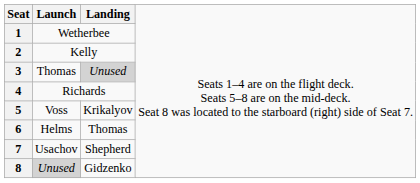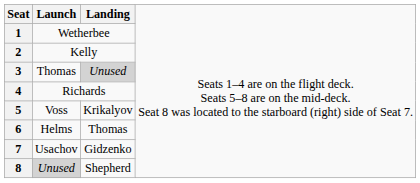 <table class="wikitable" style="text-align:center">
 <tr>
 <th>Seat</th>
 <th>Launch</th>
 <th>Landing</th>
 <td rowspan=9><br>Seats 1–4 are on the flight deck.<br>Seats 5–8 are on the mid-deck.<br>Seat 8 was located to the starboard (right) side of Seat 7.</td>
 </tr>
 <tr>
 <th>1</th>
 <td colspan=2>Wetherbee</td>
 </tr>
 <tr>
 <th>2</th>
 <td colspan=2>Kelly</td>
 </tr>
 <tr>
 <th>3</th>
 <td>Thomas</td>
 <td style="background-color:lightgray"><em>Unused</em></td>
 </tr>
 <tr>
 <th>4</th>
 <td colspan=2>Richards</td>
 </tr>
 <tr>
 <th>5</th>
 <td>Voss</td>
 <td>Krikalyov</td>
 </tr>
 <tr>
 <th>6</th>
 <td>Helms</td>
 <td>Thomas</td>
 </tr>
 <tr>
 <th>7</th>
 <td>Usachov</td>
-<td>Shepherd</td>
+<td>Gidzenko</td>
 </tr>
 <tr>
 <th>8</th>
 <td style="background-color:lightgray"><em>Unused</em></td>
-<td>Gidzenko</td>
+<td>Shepherd</td>
 </tr>
 </table>
